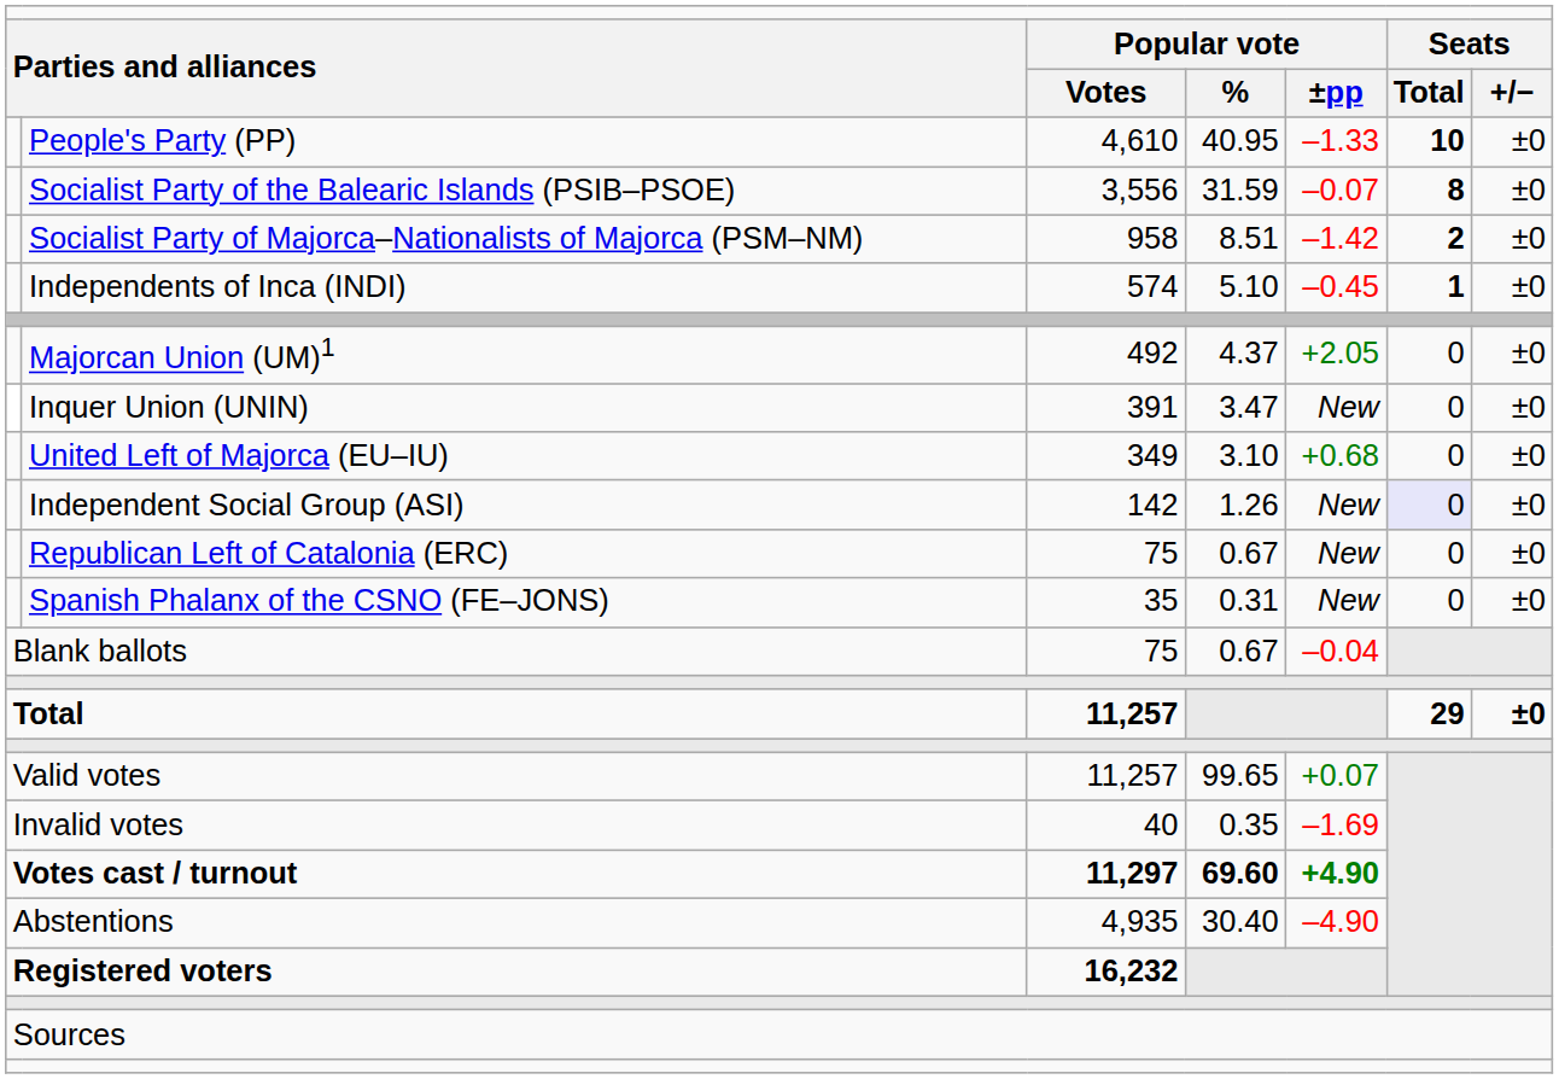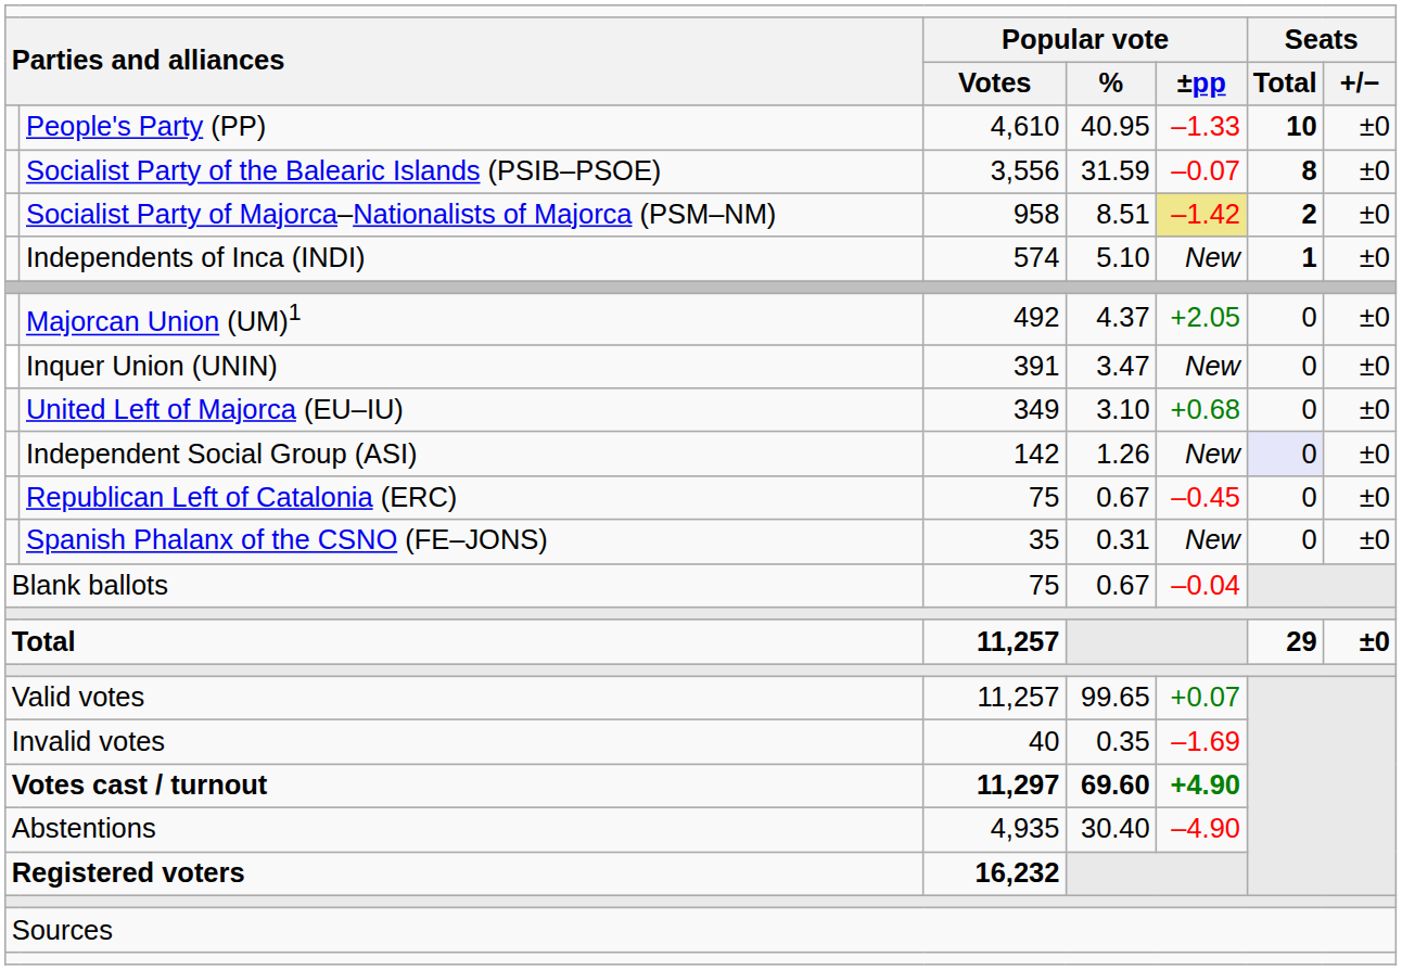 <table class="wikitable" style="text-align:right;">
 <tr>
 <td colspan="7"></td>
 </tr>
 <tr>
 <th style="text-align:left;" rowspan="2" colspan="2" width="525">Parties and alliances</th>
 <th colspan="3">Popular vote</th>
 <th colspan="2">Seats</th>
 </tr>
 <tr>
 <th width="75">Votes</th>
 <th width="45">%</th>
 <th width="45">±<a href='#'>pp</a></th>
 <th width="35">Total</th>
 <th width="35">+/−</th>
 </tr>
 <tr>
 <td width="1" style="color:inherit;background:"></td>
 <td align="left"><a href='#'>People's Party</a> (PP)</td>
 <td>4,610</td>
 <td>40.95</td>
 <td style="color:red;">–1.33</td>
 <td><strong>10</strong></td>
 <td>±0</td>
 </tr>
 <tr>
 <td style="color:inherit;background:"></td>
 <td align="left"><a href='#'>Socialist Party of the Balearic Islands</a> (PSIB–PSOE)</td>
 <td>3,556</td>
 <td>31.59</td>
 <td style="color:red;">–0.07</td>
 <td><strong>8</strong></td>
 <td>±0</td>
 </tr>
 <tr>
 <td style="color:inherit;background:"></td>
 <td align="left"><a href='#'>Socialist Party of Majorca</a>–<a href='#'>Nationalists of Majorca</a> (PSM–NM)</td>
 <td>958</td>
 <td>8.51</td>
-<td style="color:red;">–1.42</td>
+<td style="background: khaki; color:red;">–1.42</td>
 <td><strong>2</strong></td>
 <td>±0</td>
 </tr>
 <tr>
 <td style="color:inherit;background:"></td>
 <td align="left">Independents of Inca (INDI)</td>
 <td>574</td>
 <td>5.10</td>
-<td style="color:red;">–0.45</td>
+<td><em>New</em></td>
 <td><strong>1</strong></td>
 <td>±0</td>
 </tr>
 <tr>
 <td colspan="7" bgcolor="#C0C0C0"></td>
 </tr>
 <tr>
 <td style="color:inherit;background:"></td>
 <td align="left"><a href='#'>Majorcan Union</a> (UM)<sup>1</sup></td>
 <td>492</td>
 <td>4.37</td>
 <td style="color:green;">+2.05</td>
 <td>0</td>
 <td>±0</td>
 </tr>
 <tr>
 <td bgcolor="white"></td>
 <td align="left">Inquer Union (UNIN)</td>
 <td>391</td>
 <td>3.47</td>
 <td><em>New</em></td>
 <td>0</td>
 <td>±0</td>
 </tr>
 <tr>
 <td style="color:inherit;background:"></td>
 <td align="left"><a href='#'>United Left of Majorca</a> (EU–IU)</td>
 <td>349</td>
 <td>3.10</td>
 <td style="color:green;">+0.68</td>
 <td>0</td>
 <td>±0</td>
 </tr>
 <tr>
 <td style="color:inherit;background:"></td>
 <td align="left">Independent Social Group (ASI)</td>
 <td>142</td>
 <td>1.26</td>
 <td><em>New</em></td>
 <td style="background: lavender;">0</td>
 <td>±0</td>
 </tr>
 <tr>
 <td style="color:inherit;background:"></td>
 <td align="left"><a href='#'>Republican Left of Catalonia</a> (ERC)</td>
 <td>75</td>
 <td>0.67</td>
-<td><em>New</em></td>
+<td style="color:red;">–0.45</td>
 <td>0</td>
 <td>±0</td>
 </tr>
 <tr>
 <td style="color:inherit;background:"></td>
 <td align="left"><a href='#'>Spanish Phalanx of the CSNO</a> (FE–JONS)</td>
 <td>35</td>
 <td>0.31</td>
 <td><em>New</em></td>
 <td>0</td>
 <td>±0</td>
 </tr>
 <tr>
 <td align="left" colspan="2">Blank ballots</td>
 <td>75</td>
 <td>0.67</td>
 <td style="color:red;">–0.04</td>
 <td bgcolor="#E9E9E9" colspan="2"></td>
 </tr>
 <tr>
 <td colspan="7" bgcolor="#E9E9E9"></td>
 </tr>
 <tr style="font-weight:bold;">
 <td align="left" colspan="2">Total</td>
 <td>11,257</td>
 <td bgcolor="#E9E9E9" colspan="2"></td>
 <td>29</td>
 <td>±0</td>
 </tr>
 <tr>
 <td colspan="7" bgcolor="#E9E9E9"></td>
 </tr>
 <tr>
 <td align="left" colspan="2">Valid votes</td>
 <td>11,257</td>
 <td>99.65</td>
 <td style="color:green;">+0.07</td>
 <td bgcolor="#E9E9E9" colspan="2" rowspan="5"></td>
 </tr>
 <tr>
 <td align="left" colspan="2">Invalid votes</td>
 <td>40</td>
 <td>0.35</td>
 <td style="color:red;">–1.69</td>
 </tr>
 <tr style="font-weight:bold;">
 <td align="left" colspan="2">Votes cast / turnout</td>
 <td>11,297</td>
 <td>69.60</td>
 <td style="color:green;">+4.90</td>
 </tr>
 <tr>
 <td align="left" colspan="2">Abstentions</td>
 <td>4,935</td>
 <td>30.40</td>
 <td style="color:red;">–4.90</td>
 </tr>
 <tr style="font-weight:bold;">
 <td align="left" colspan="2">Registered voters</td>
 <td>16,232</td>
 <td bgcolor="#E9E9E9" colspan="2"></td>
 </tr>
 <tr>
 <td colspan="7" bgcolor="#E9E9E9"></td>
 </tr>
 <tr>
 <td align="left" colspan="7">Sources</td>
 </tr>
 <tr>
 <td colspan="7" style="text-align:left; max-width:790px;"></td>
 </tr>
 </table>
